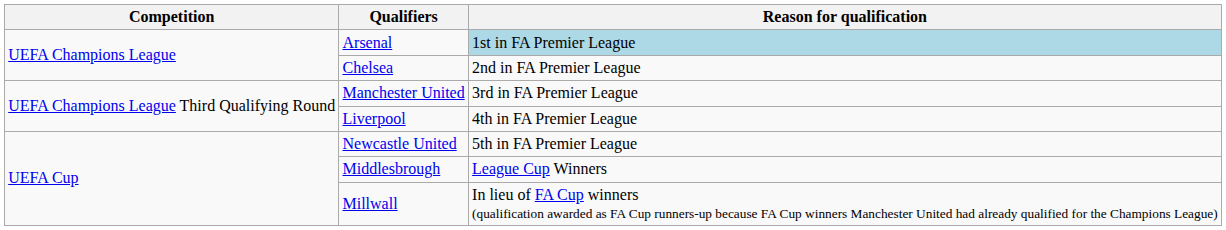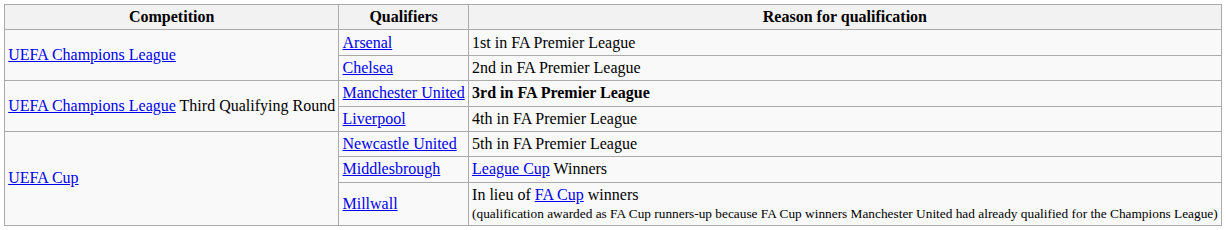 <table class="wikitable">
 <tr>
 <th>Competition</th>
 <th>Qualifiers</th>
 <th>Reason for qualification</th>
 </tr>
 <tr>
 <td rowspan="2"><a href='#'>UEFA Champions League</a></td>
 <td><a href='#'>Arsenal</a></td>
-<td style="background: lightblue;">1st in FA Premier League</td>
+<td>1st in FA Premier League</td>
 </tr>
 <tr>
 <td><a href='#'>Chelsea</a></td>
 <td>2nd in FA Premier League</td>
 </tr>
 <tr>
 <td rowspan="2"><a href='#'>UEFA Champions League</a> Third Qualifying Round</td>
 <td><a href='#'>Manchester United</a></td>
-<td>3rd in FA Premier League</td>
+<td><strong>3rd in FA Premier League</strong></td>
 </tr>
 <tr>
 <td><a href='#'>Liverpool</a></td>
 <td>4th in FA Premier League</td>
 </tr>
 <tr>
 <td rowspan="3"><a href='#'>UEFA Cup</a></td>
 <td><a href='#'>Newcastle United</a></td>
 <td>5th in FA Premier League</td>
 </tr>
 <tr>
 <td><a href='#'>Middlesbrough</a></td>
 <td><a href='#'>League Cup</a> Winners</td>
 </tr>
 <tr>
 <td><a href='#'>Millwall</a></td>
 <td>In lieu of <a href='#'>FA Cup</a> winners<br><small>(qualification awarded as FA Cup runners-up because FA Cup winners Manchester United had already qualified for the Champions League)</small></td>
 </tr>
 </table>
